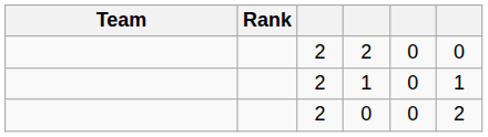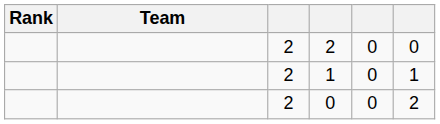 <table class="wikitable" style="text-align: center;">
 <tr>
+<th width=40>Rank</th>
 <th width=180>Team</th>
-<th width=40>Rank</th>
 <th width=30></th>
 <th width=30></th>
 <th width=30></th>
 <th width=30></th>
 </tr>
 <tr>
+<td></td>
 <td align="left"></td>
-<td></td>
 <td>2</td>
 <td>2</td>
 <td>0</td>
 <td>0</td>
 </tr>
 <tr>
+<td></td>
 <td align="left"></td>
-<td></td>
 <td>2</td>
 <td>1</td>
 <td>0</td>
 <td>1</td>
 </tr>
 <tr>
+<td></td>
 <td align="left"></td>
-<td></td>
 <td>2</td>
 <td>0</td>
 <td>0</td>
 <td>2</td>
 </tr>
 </table>
